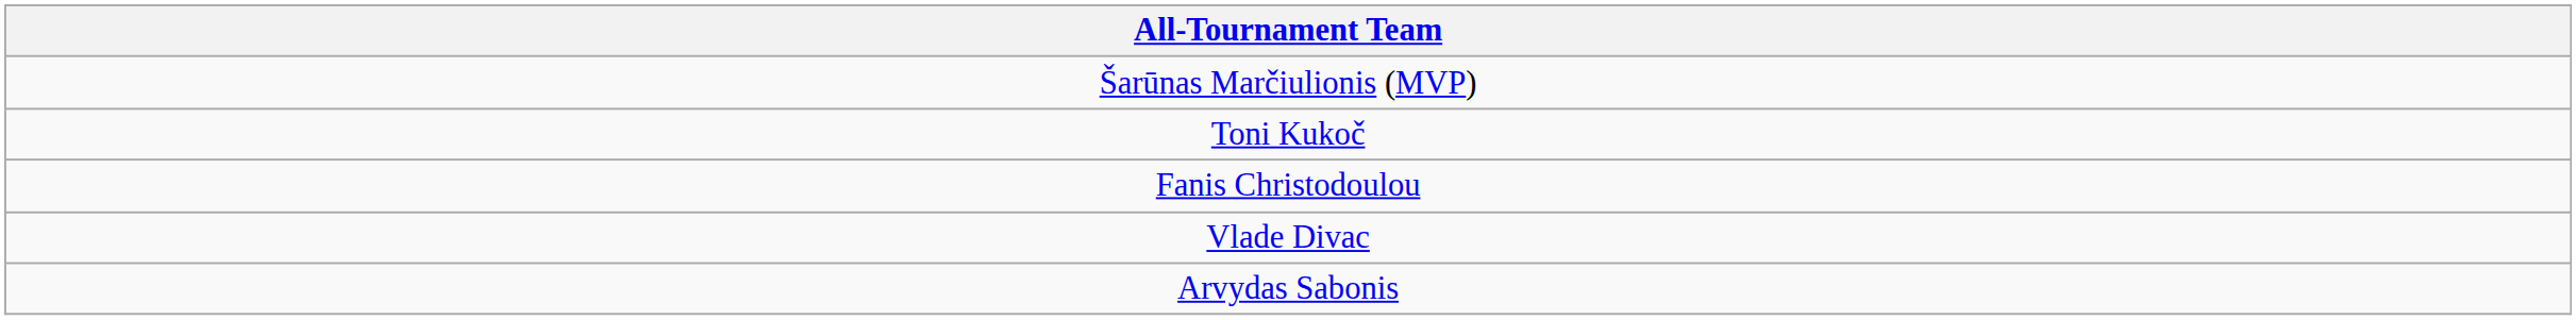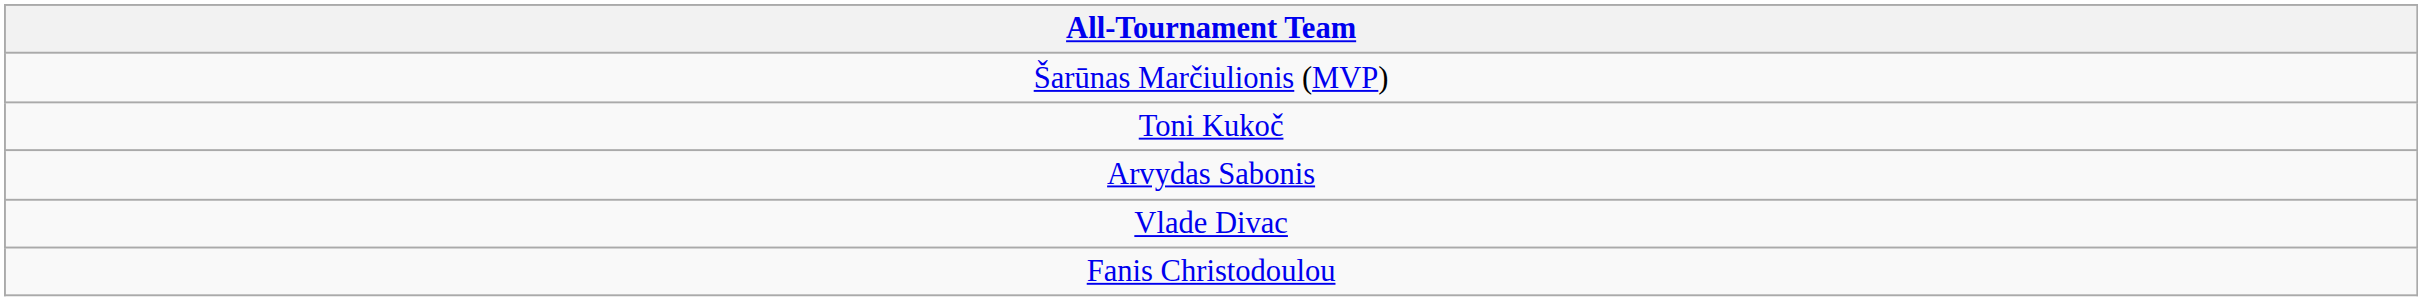 <table class="wikitable sortable" style="text-align:center; width: 100%">
 <tr>
 <th><a href='#'>All-Tournament Team</a></th>
 </tr>
 <tr>
 <td> <a href='#'>Šarūnas Marčiulionis</a> (<a href='#'>MVP</a>)</td>
 </tr>
 <tr>
 <td> <a href='#'>Toni Kukoč</a></td>
 </tr>
 <tr>
-<td> <a href='#'>Fanis Christodoulou</a></td>
+<td> <a href='#'>Arvydas Sabonis</a></td>
 </tr>
 <tr>
 <td> <a href='#'>Vlade Divac</a></td>
 </tr>
 <tr>
-<td> <a href='#'>Arvydas Sabonis</a></td>
+<td> <a href='#'>Fanis Christodoulou</a></td>
 </tr>
 </table>
